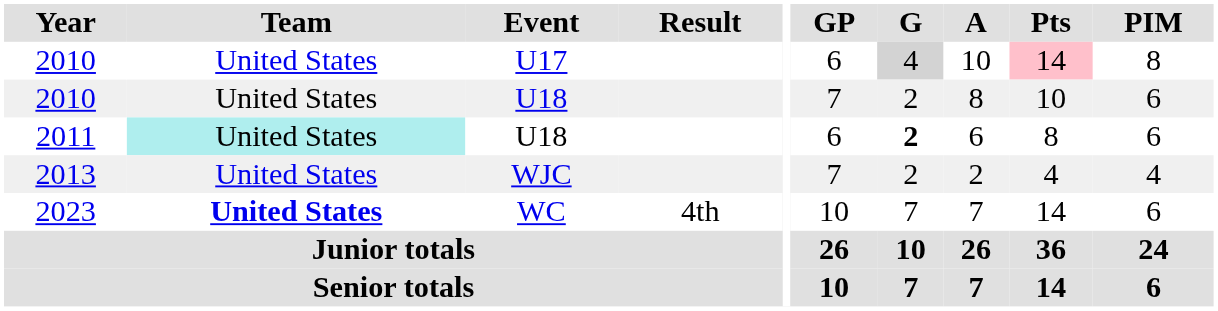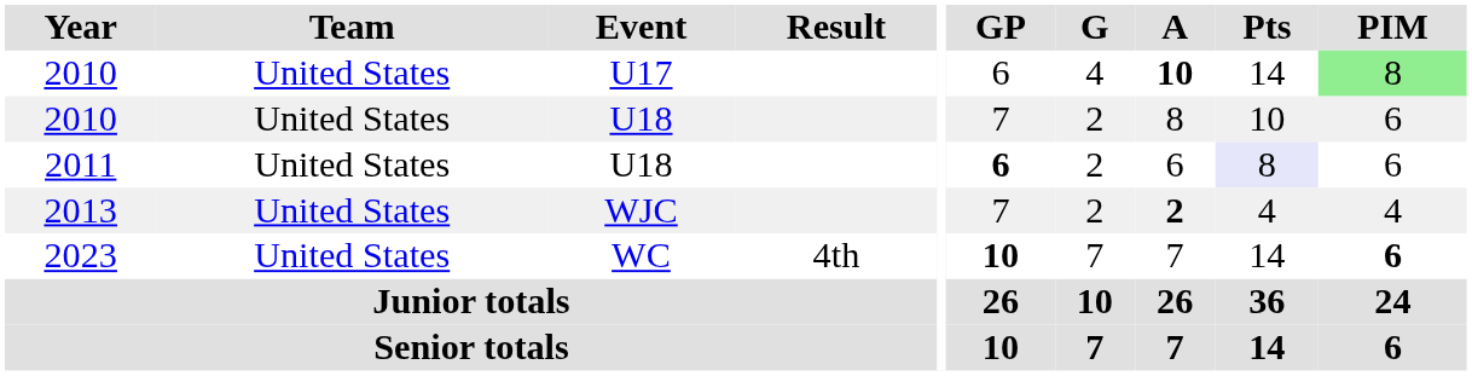 <table border="0" cellpadding="1" cellspacing="0" ID="Table3" style="text-align:center; width:40em">
 <tr ALIGN="center" bgcolor="#e0e0e0">
 <th>Year</th>
 <th>Team</th>
 <th>Event</th>
 <th>Result</th>
 <th rowspan="99" bgcolor="#ffffff"></th>
 <th>GP</th>
 <th>G</th>
 <th>A</th>
 <th>Pts</th>
 <th>PIM</th>
 </tr>
 <tr>
 <td><a href='#'>2010</a></td>
 <td><a href='#'>United States</a></td>
 <td><a href='#'>U17</a></td>
 <td></td>
 <td>6</td>
-<td style="background: lightgrey;">4</td>
-<td>10</td>
-<td style="background: pink;">14</td>
-<td>8</td>
+<td>4</td>
+<td><strong>10</strong></td>
+<td>14</td>
+<td style="background: lightgreen;">8</td>
 </tr>
 <tr bgcolor="#f0f0f0">
 <td><a href='#'>2010</a></td>
 <td>United States</td>
 <td><a href='#'>U18</a></td>
 <td></td>
 <td>7</td>
 <td>2</td>
 <td>8</td>
 <td>10</td>
 <td>6</td>
 </tr>
 <tr>
 <td><a href='#'>2011</a></td>
-<td style="background: paleturquoise;">United States</td>
+<td>United States</td>
 <td>U18</td>
 <td></td>
+<td><strong>6</strong></td>
+<td>2</td>
 <td>6</td>
-<td><strong>2</strong></td>
-<td>6</td>
-<td>8</td>
+<td style="background: lavender;">8</td>
 <td>6</td>
 </tr>
 <tr bgcolor="#f0f0f0">
 <td><a href='#'>2013</a></td>
 <td><a href='#'>United States</a></td>
 <td><a href='#'>WJC</a></td>
 <td></td>
 <td>7</td>
 <td>2</td>
-<td>2</td>
+<td><strong>2</strong></td>
 <td>4</td>
 <td>4</td>
 </tr>
 <tr>
 <td><a href='#'>2023</a></td>
-<td><strong><a href='#'>United States</a></strong></td>
+<td><a href='#'>United States</a></td>
 <td><a href='#'>WC</a></td>
 <td>4th</td>
-<td>10</td>
+<td><strong>10</strong></td>
 <td>7</td>
 <td>7</td>
 <td>14</td>
-<td>6</td>
+<td><strong>6</strong></td>
 </tr>
 <tr bgcolor="#e0e0e0">
 <th colspan=4>Junior totals</th>
 <th>26</th>
 <th>10</th>
 <th>26</th>
 <th>36</th>
 <th>24</th>
 </tr>
 <tr bgcolor="#e0e0e0">
 <th colspan=4>Senior totals</th>
 <th>10</th>
 <th>7</th>
 <th>7</th>
 <th>14</th>
 <th>6</th>
 </tr>
 </table>
